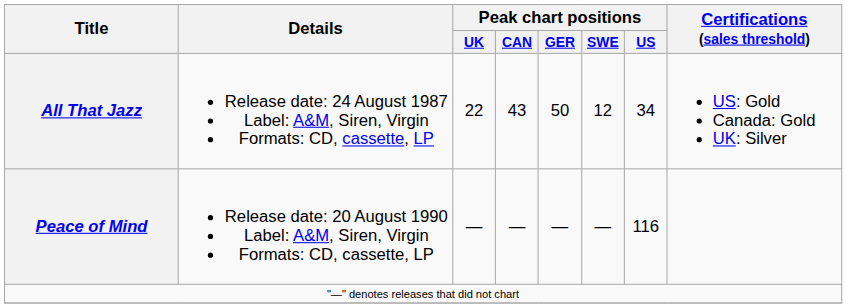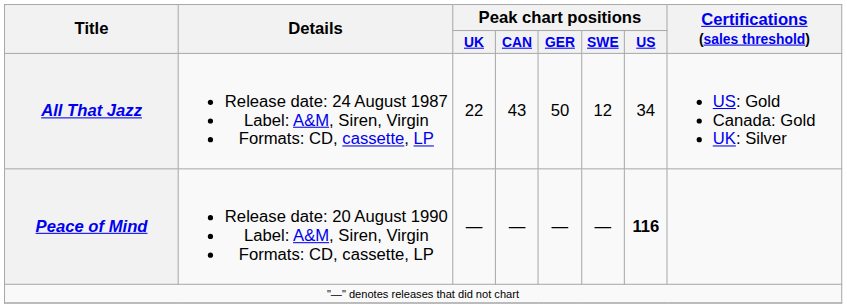 <table class="wikitable plainrowheaders" style="text-align:center;">
 <tr>
 <th rowspan="2" style="width:10em;">Title</th>
 <th rowspan="2" style="width:16em;">Details</th>
 <th colspan="5">Peak chart positions</th>
 <th rowspan="2" style="width:10em;"><a href='#'>Certifications</a><br><small>(<a href='#'>sales threshold</a>)</small></th>
 </tr>
 <tr style="font-size:smaller;">
 <th width="35"><a href='#'>UK</a><br></th>
 <th width="35"><a href='#'>CAN</a></th>
 <th width="35"><a href='#'>GER</a><br></th>
 <th width="35"><a href='#'>SWE</a><br></th>
 <th width="35"><a href='#'>US</a><br></th>
 </tr>
 <tr>
 <th scope="row"><a href='#'><em>All That Jazz</em></a></th>
 <td><br><ul><li>Release date: 24 August 1987</li><li>Label: <a href='#'>A&M</a>, Siren, Virgin</li><li>Formats: CD, <a href='#'>cassette</a>, <a href='#'>LP</a></li></ul></td>
 <td>22</td>
 <td>43</td>
 <td>50</td>
 <td>12</td>
 <td>34</td>
 <td align="left"><br><ul><li><a href='#'>US</a>: Gold</li><li>Canada: Gold</li><li><a href='#'>UK</a>: Silver</li></ul></td>
 </tr>
 <tr>
 <th scope="row"><a href='#'><em>Peace of Mind</em></a></th>
 <td><br><ul><li>Release date: 20 August 1990</li><li>Label: <a href='#'>A&M</a>, Siren, Virgin</li><li>Formats: CD, cassette, LP</li></ul></td>
 <td>—</td>
 <td>—</td>
 <td>—</td>
 <td>—</td>
-<td>116</td>
+<td><strong>116</strong></td>
 <td></td>
 </tr>
 <tr>
 <td colspan="8" style="font-size:8pt">"—" denotes releases that did not chart</td>
 </tr>
 <tr>
 </tr>
 </table>
